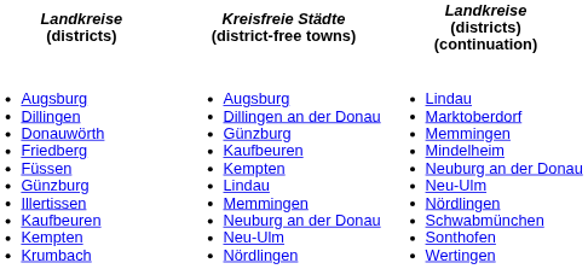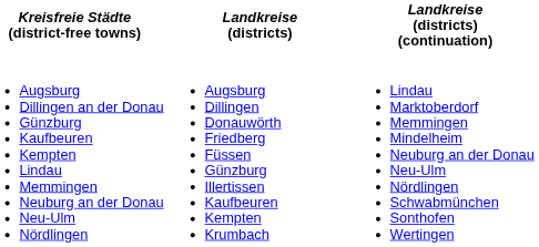 <table>
 <tr>
+<th width=33%><em>Kreisfreie Städte</em><br>(district-free towns)</th>
 <th width=33%><em>Landkreise</em><br>(districts)</th>
-<th width=33%><em>Kreisfreie Städte</em><br>(district-free towns)</th>
 <th width=33%><em>Landkreise</em><br>(districts)<br>(continuation)</th>
 </tr>
 <tr valign=top>
+<td><br><ul><li><a href='#'>Augsburg</a></li><li><a href='#'>Dillingen an der Donau</a></li><li><a href='#'>Günzburg</a></li><li><a href='#'>Kaufbeuren</a></li><li><a href='#'>Kempten</a></li><li><a href='#'>Lindau</a></li><li><a href='#'>Memmingen</a></li><li><a href='#'>Neuburg an der Donau</a></li><li><a href='#'>Neu-Ulm</a></li><li><a href='#'>Nördlingen</a></li></ul></td>
 <td><br><ul><li><a href='#'>Augsburg</a></li><li><a href='#'>Dillingen</a></li><li><a href='#'>Donauwörth</a></li><li><a href='#'>Friedberg</a></li><li><a href='#'>Füssen</a></li><li><a href='#'>Günzburg</a></li><li><a href='#'>Illertissen</a></li><li><a href='#'>Kaufbeuren</a></li><li><a href='#'>Kempten</a></li><li><a href='#'>Krumbach</a></li></ul></td>
-<td><br><ul><li><a href='#'>Augsburg</a></li><li><a href='#'>Dillingen an der Donau</a></li><li><a href='#'>Günzburg</a></li><li><a href='#'>Kaufbeuren</a></li><li><a href='#'>Kempten</a></li><li><a href='#'>Lindau</a></li><li><a href='#'>Memmingen</a></li><li><a href='#'>Neuburg an der Donau</a></li><li><a href='#'>Neu-Ulm</a></li><li><a href='#'>Nördlingen</a></li></ul></td>
 <td><br><ul><li><a href='#'>Lindau</a></li><li><a href='#'>Marktoberdorf</a></li><li><a href='#'>Memmingen</a></li><li><a href='#'>Mindelheim</a></li><li><a href='#'>Neuburg an der Donau</a></li><li><a href='#'>Neu-Ulm</a></li><li><a href='#'>Nördlingen</a></li><li><a href='#'>Schwabmünchen</a></li><li><a href='#'>Sonthofen</a></li><li><a href='#'>Wertingen</a></li></ul></td>
 </tr>
 </table>
